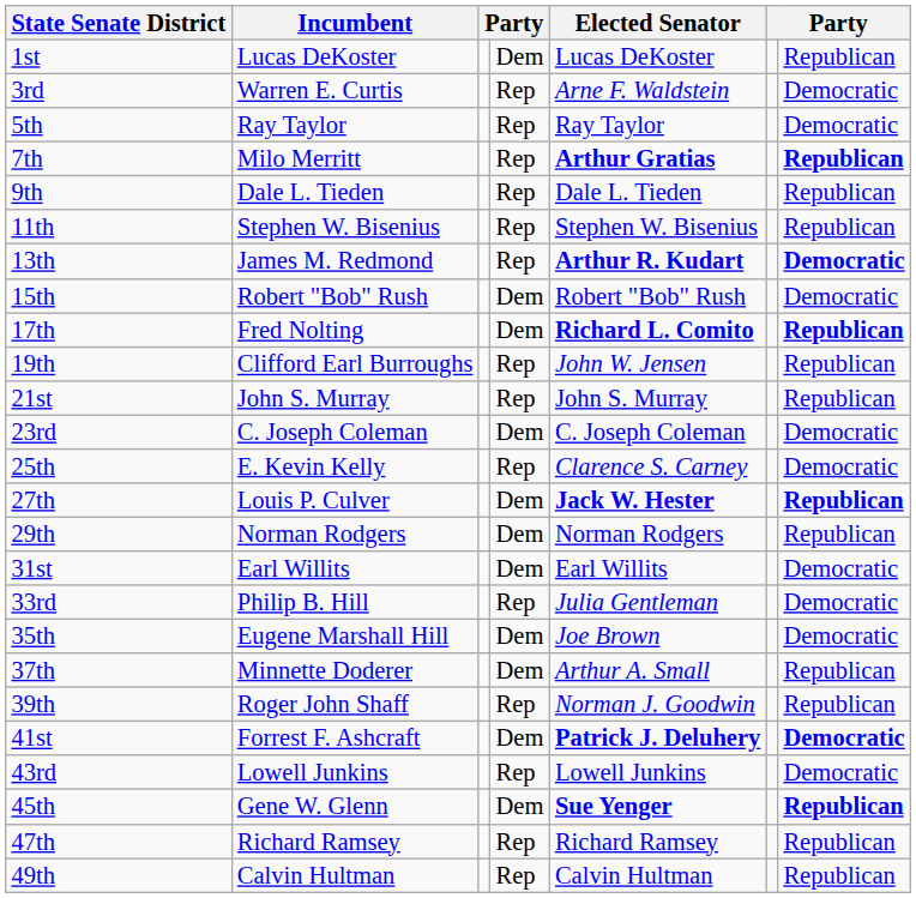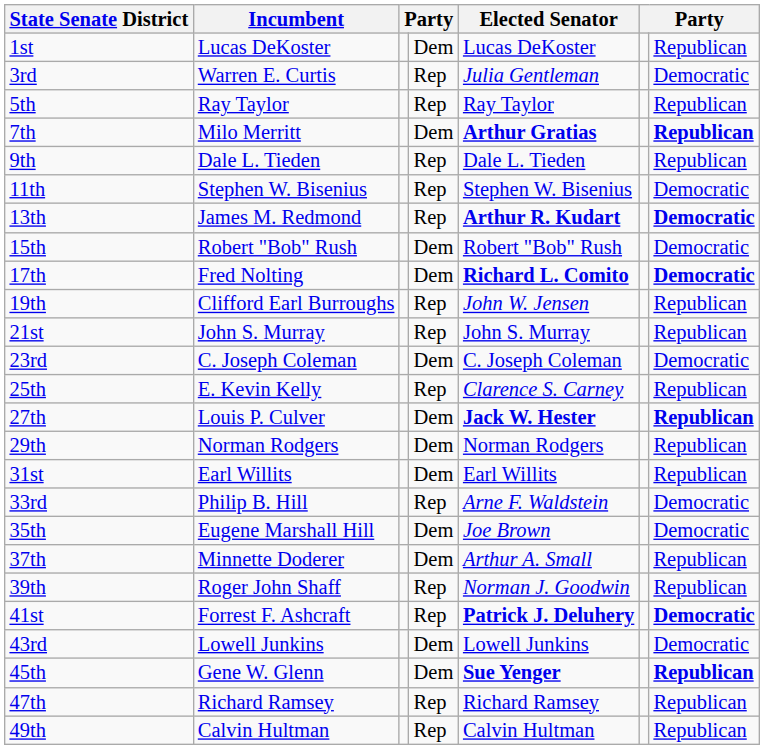 <table class="sortable wikitable" style="font-size:95%;line-height:14px;">
 <tr>
 <th class="unsortable"><a href='#'>State Senate</a> District</th>
 <th class="unsortable"><a href='#'>Incumbent</a></th>
 <th colspan="2">Party</th>
 <th class="unsortable">Elected Senator</th>
 <th colspan="2">Party</th>
 </tr>
 <tr>
 <td><a href='#'>1st</a></td>
 <td><a href='#'>Lucas DeKoster</a></td>
 <td style="background:"></td>
 <td>Dem</td>
 <td><a href='#'>Lucas DeKoster</a></td>
 <td style="background:"></td>
 <td><a href='#'>Republican</a></td>
 </tr>
 <tr>
 <td><a href='#'>3rd</a></td>
 <td><a href='#'>Warren E. Curtis</a></td>
 <td style="background:"></td>
 <td>Rep</td>
-<td><em><a href='#'>Arne F. Waldstein</a></em></td>
+<td><em><a href='#'>Julia Gentleman</a></em></td>
 <td style="background:"></td>
 <td><a href='#'>Democratic</a></td>
 </tr>
 <tr>
 <td><a href='#'>5th</a></td>
 <td><a href='#'>Ray Taylor</a></td>
 <td style="background:"></td>
 <td>Rep</td>
 <td><a href='#'>Ray Taylor</a></td>
 <td style="background:"></td>
-<td><a href='#'>Democratic</a></td>
+<td><a href='#'>Republican</a></td>
 </tr>
 <tr>
 <td><a href='#'>7th</a></td>
 <td><a href='#'>Milo Merritt</a></td>
 <td style="background:"></td>
-<td>Rep</td>
+<td>Dem</td>
 <td><strong><a href='#'>Arthur Gratias</a></strong></td>
 <td style="background:"></td>
 <td><strong><a href='#'>Republican</a></strong></td>
 </tr>
 <tr>
 <td><a href='#'>9th</a></td>
 <td><a href='#'>Dale L. Tieden</a></td>
 <td style="background:"></td>
 <td>Rep</td>
 <td><a href='#'>Dale L. Tieden</a></td>
 <td style="background:"></td>
 <td><a href='#'>Republican</a></td>
 </tr>
 <tr>
 <td><a href='#'>11th</a></td>
 <td><a href='#'>Stephen W. Bisenius</a></td>
 <td style="background:"></td>
 <td>Rep</td>
 <td><a href='#'>Stephen W. Bisenius</a></td>
 <td style="background:"></td>
-<td><a href='#'>Republican</a></td>
+<td><a href='#'>Democratic</a></td>
 </tr>
 <tr>
 <td><a href='#'>13th</a></td>
 <td><a href='#'>James M. Redmond</a></td>
 <td style="background:"></td>
 <td>Rep</td>
 <td><strong><a href='#'>Arthur R. Kudart</a></strong></td>
 <td style="background:"></td>
 <td><strong><a href='#'>Democratic</a></strong></td>
 </tr>
 <tr>
 <td><a href='#'>15th</a></td>
 <td><a href='#'>Robert "Bob" Rush</a></td>
 <td style="background:"></td>
 <td>Dem</td>
 <td><a href='#'>Robert "Bob" Rush</a></td>
 <td style="background:"></td>
 <td><a href='#'>Democratic</a></td>
 </tr>
 <tr>
 <td><a href='#'>17th</a></td>
 <td><a href='#'>Fred Nolting</a></td>
 <td style="background:"></td>
 <td>Dem</td>
 <td><strong><a href='#'>Richard L. Comito</a></strong></td>
 <td style="background:"></td>
-<td><strong><a href='#'>Republican</a></strong></td>
+<td><strong><a href='#'>Democratic</a></strong></td>
 </tr>
 <tr>
 <td><a href='#'>19th</a></td>
 <td><a href='#'>Clifford Earl Burroughs</a></td>
 <td style="background:"></td>
 <td>Rep</td>
 <td><em><a href='#'>John W. Jensen</a></em></td>
 <td style="background:"></td>
 <td><a href='#'>Republican</a></td>
 </tr>
 <tr>
 <td><a href='#'>21st</a></td>
 <td><a href='#'>John S. Murray</a></td>
 <td style="background:"></td>
 <td>Rep</td>
 <td><a href='#'>John S. Murray</a></td>
 <td style="background:"></td>
 <td><a href='#'>Republican</a></td>
 </tr>
 <tr>
 <td><a href='#'>23rd</a></td>
 <td><a href='#'>C. Joseph Coleman</a></td>
 <td style="background:"></td>
 <td>Dem</td>
 <td><a href='#'>C. Joseph Coleman</a></td>
 <td style="background:"></td>
 <td><a href='#'>Democratic</a></td>
 </tr>
 <tr>
 <td><a href='#'>25th</a></td>
 <td><a href='#'>E. Kevin Kelly</a></td>
 <td style="background:"></td>
 <td>Rep</td>
 <td><em><a href='#'>Clarence S. Carney</a></em></td>
 <td style="background:"></td>
-<td><a href='#'>Democratic</a></td>
+<td><a href='#'>Republican</a></td>
 </tr>
 <tr>
 <td><a href='#'>27th</a></td>
 <td><a href='#'>Louis P. Culver</a></td>
 <td style="background:"></td>
 <td>Dem</td>
 <td><strong><a href='#'>Jack W. Hester</a></strong></td>
 <td style="background:"></td>
 <td><strong><a href='#'>Republican</a></strong></td>
 </tr>
 <tr>
 <td><a href='#'>29th</a></td>
 <td><a href='#'>Norman Rodgers</a></td>
 <td style="background:"></td>
 <td>Dem</td>
 <td><a href='#'>Norman Rodgers</a></td>
 <td style="background:"></td>
 <td><a href='#'>Republican</a></td>
 </tr>
 <tr>
 <td><a href='#'>31st</a></td>
 <td><a href='#'>Earl Willits</a></td>
 <td style="background:"></td>
 <td>Dem</td>
 <td><a href='#'>Earl Willits</a></td>
 <td style="background:"></td>
-<td><a href='#'>Democratic</a></td>
+<td><a href='#'>Republican</a></td>
 </tr>
 <tr>
 <td><a href='#'>33rd</a></td>
 <td><a href='#'>Philip B. Hill</a></td>
 <td style="background:"></td>
 <td>Rep</td>
-<td><em><a href='#'>Julia Gentleman</a></em></td>
+<td><em><a href='#'>Arne F. Waldstein</a></em></td>
 <td style="background:"></td>
 <td><a href='#'>Democratic</a></td>
 </tr>
 <tr>
 <td><a href='#'>35th</a></td>
 <td><a href='#'>Eugene Marshall Hill</a></td>
 <td style="background:"></td>
 <td>Dem</td>
 <td><em><a href='#'>Joe Brown</a></em></td>
 <td style="background:"></td>
 <td><a href='#'>Democratic</a></td>
 </tr>
 <tr>
 <td><a href='#'>37th</a></td>
 <td><a href='#'>Minnette Doderer</a></td>
 <td style="background:"></td>
 <td>Dem</td>
 <td><em><a href='#'>Arthur A. Small</a></em></td>
 <td style="background:"></td>
 <td><a href='#'>Republican</a></td>
 </tr>
 <tr>
 <td><a href='#'>39th</a></td>
 <td><a href='#'>Roger John Shaff</a></td>
 <td style="background:"></td>
 <td>Rep</td>
 <td><em><a href='#'>Norman J. Goodwin</a></em></td>
 <td style="background:"></td>
 <td><a href='#'>Republican</a></td>
 </tr>
 <tr>
 <td><a href='#'>41st</a></td>
 <td><a href='#'>Forrest F. Ashcraft</a></td>
 <td style="background:"></td>
-<td>Dem</td>
+<td>Rep</td>
 <td><strong><a href='#'>Patrick J. Deluhery</a></strong></td>
 <td style="background:"></td>
 <td><strong><a href='#'>Democratic</a></strong></td>
 </tr>
 <tr>
 <td><a href='#'>43rd</a></td>
 <td><a href='#'>Lowell Junkins</a></td>
 <td style="background:"></td>
-<td>Rep</td>
+<td>Dem</td>
 <td><a href='#'>Lowell Junkins</a></td>
 <td style="background:"></td>
 <td><a href='#'>Democratic</a></td>
 </tr>
 <tr>
 <td><a href='#'>45th</a></td>
 <td><a href='#'>Gene W. Glenn</a></td>
 <td style="background:"></td>
 <td>Dem</td>
 <td><strong><a href='#'>Sue Yenger</a></strong></td>
 <td style="background:"></td>
 <td><strong><a href='#'>Republican</a></strong></td>
 </tr>
 <tr>
 <td><a href='#'>47th</a></td>
 <td><a href='#'>Richard Ramsey</a></td>
 <td style="background:"></td>
 <td>Rep</td>
 <td><a href='#'>Richard Ramsey</a></td>
 <td style="background:"></td>
 <td><a href='#'>Republican</a></td>
 </tr>
 <tr>
 <td><a href='#'>49th</a></td>
 <td><a href='#'>Calvin Hultman</a></td>
 <td style="background:"></td>
 <td>Rep</td>
 <td><a href='#'>Calvin Hultman</a></td>
 <td style="background:"></td>
 <td><a href='#'>Republican</a></td>
 </tr>
 <tr>
 </tr>
 </table>
